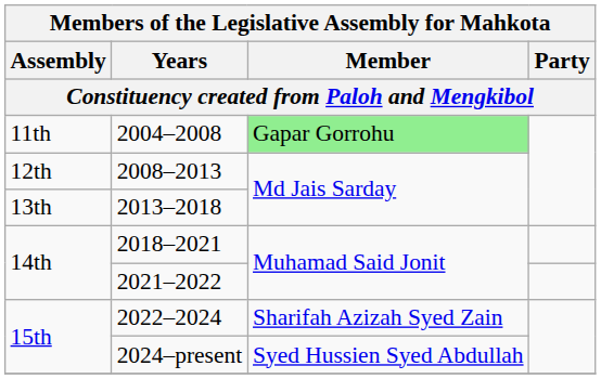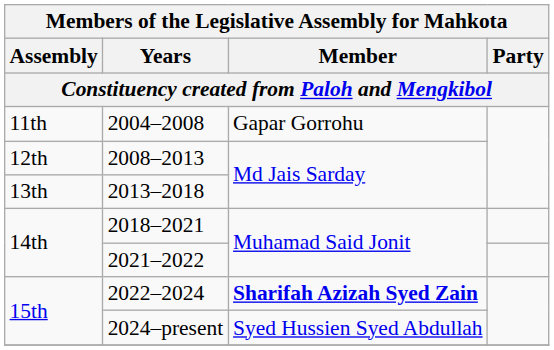 <table class="wikitable">
 <tr>
 <th colspan="4">Members of the Legislative Assembly for Mahkota</th>
 </tr>
 <tr>
 <th>Assembly</th>
 <th>Years</th>
 <th>Member</th>
 <th>Party</th>
 </tr>
 <tr>
 <th colspan="4"><em>Constituency created from <a href='#'>Paloh</a> and <a href='#'>Mengkibol</a></em></th>
 </tr>
 <tr>
 <td>11th</td>
 <td>2004–2008</td>
-<td style="background: lightgreen;">Gapar Gorrohu</td>
+<td>Gapar Gorrohu</td>
 <td rowspan="3"></td>
 </tr>
 <tr>
 <td>12th</td>
 <td>2008–2013</td>
 <td rowspan="2"><a href='#'>Md Jais Sarday</a></td>
 </tr>
 <tr>
 <td>13th</td>
 <td>2013–2018</td>
 </tr>
 <tr>
 <td rowspan="2">14th</td>
 <td>2018–2021</td>
 <td rowspan="2"><a href='#'>Muhamad Said Jonit</a></td>
 <td></td>
 </tr>
 <tr>
 <td>2021–2022</td>
 <td></td>
 </tr>
 <tr>
 <td rowspan=2><a href='#'>15th</a></td>
 <td>2022–2024</td>
-<td><a href='#'>Sharifah Azizah Syed Zain</a></td>
+<td><strong><a href='#'>Sharifah Azizah Syed Zain</a></strong></td>
 <td rowspan=2></td>
 </tr>
 <tr>
 <td>2024–present</td>
 <td><a href='#'>Syed Hussien Syed Abdullah</a></td>
 </tr>
 <tr>
 </tr>
 </table>
